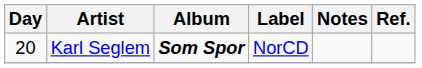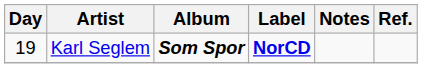 <table class="wikitable" id="table_September">
 <tr>
 <th>Day</th>
 <th>Artist</th>
 <th>Album</th>
 <th>Label</th>
 <th>Notes</th>
 <th>Ref.</th>
 </tr>
 <tr>
-<td rowspan="1" style="text-align:center;">20</td>
+<td rowspan="1" style="text-align:center;">19</td>
 <td><a href='#'>Karl Seglem</a></td>
 <td><strong><em>Som Spor</em></strong></td>
-<td><a href='#'>NorCD</a></td>
+<td><strong><a href='#'>NorCD</a></strong></td>
 <td></td>
 <td style="text-align:center;"></td>
 </tr>
 <tr>
 </tr>
 </table>
